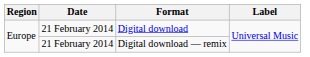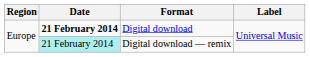 <table class=wikitable>
 <tr>
 <th>Region</th>
 <th>Date</th>
 <th>Format</th>
 <th>Label</th>
 </tr>
 <tr>
 <td rowspan="2">Europe</td>
-<td>21 February 2014</td>
+<td><strong>21 February 2014</strong></td>
 <td><a href='#'>Digital download</a></td>
 <td rowspan="2"><a href='#'>Universal Music</a></td>
 </tr>
 <tr>
-<td>21 February 2014</td>
+<td style="background: paleturquoise;">21 February 2014</td>
 <td>Digital download — remix</td>
 </tr>
 </table>
